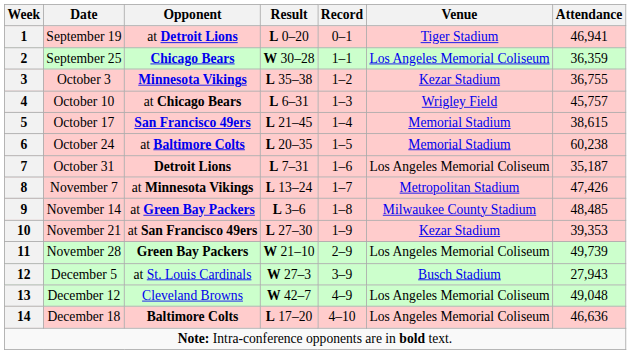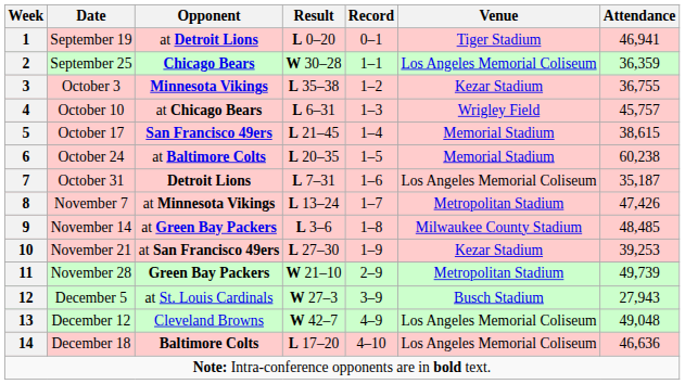 <table class="wikitable" style="text-align:center">
 <tr>
 <th>Week</th>
 <th>Date</th>
 <th>Opponent</th>
 <th>Result</th>
 <th>Record</th>
 <th>Venue</th>
 <th>Attendance</th>
 </tr>
 <tr style="background:#fcc">
 <th>1</th>
 <td>September 19</td>
 <td>at <strong><a href='#'>Detroit Lions</a></strong></td>
 <td><strong>L</strong> 0–20</td>
 <td>0–1</td>
 <td><a href='#'>Tiger Stadium</a></td>
 <td>46,941</td>
 </tr>
 <tr style="background:#cfc">
 <th>2</th>
 <td>September 25</td>
 <td><strong><a href='#'>Chicago Bears</a></strong></td>
 <td><strong>W</strong> 30–28</td>
 <td>1–1</td>
 <td><a href='#'>Los Angeles Memorial Coliseum</a></td>
 <td>36,359</td>
 </tr>
 <tr style="background:#fcc">
 <th>3</th>
 <td>October 3</td>
 <td><strong><a href='#'>Minnesota Vikings</a></strong></td>
 <td><strong>L</strong> 35–38</td>
 <td>1–2</td>
 <td><a href='#'>Kezar Stadium</a></td>
 <td>36,755</td>
 </tr>
 <tr style="background:#fcc">
 <th>4</th>
 <td>October 10</td>
 <td>at <strong>Chicago Bears</strong></td>
 <td><strong>L</strong> 6–31</td>
 <td>1–3</td>
 <td><a href='#'>Wrigley Field</a></td>
 <td>45,757</td>
 </tr>
 <tr style="background:#fcc">
 <th>5</th>
 <td>October 17</td>
 <td><strong><a href='#'>San Francisco 49ers</a></strong></td>
 <td><strong>L</strong> 21–45</td>
 <td>1–4</td>
 <td><a href='#'>Memorial Stadium</a></td>
 <td>38,615</td>
 </tr>
 <tr style="background:#fcc">
 <th>6</th>
 <td>October 24</td>
 <td>at <strong><a href='#'>Baltimore Colts</a></strong></td>
 <td><strong>L</strong> 20–35</td>
 <td>1–5</td>
 <td><a href='#'>Memorial Stadium</a></td>
 <td>60,238</td>
 </tr>
 <tr style="background:#fcc">
 <th>7</th>
 <td>October 31</td>
 <td><strong>Detroit Lions</strong></td>
 <td><strong>L</strong> 7–31</td>
 <td>1–6</td>
 <td>Los Angeles Memorial Coliseum</td>
 <td>35,187</td>
 </tr>
 <tr style="background:#fcc">
 <th>8</th>
 <td>November 7</td>
 <td>at <strong>Minnesota Vikings</strong></td>
 <td><strong>L</strong> 13–24</td>
 <td>1–7</td>
 <td><a href='#'>Metropolitan Stadium</a></td>
 <td>47,426</td>
 </tr>
 <tr style="background:#fcc">
 <th>9</th>
 <td>November 14</td>
 <td>at <strong><a href='#'>Green Bay Packers</a></strong></td>
 <td><strong>L</strong> 3–6</td>
 <td>1–8</td>
 <td><a href='#'>Milwaukee County Stadium</a></td>
 <td>48,485</td>
 </tr>
 <tr style="background:#fcc">
 <th>10</th>
 <td>November 21</td>
 <td>at <strong>San Francisco 49ers</strong></td>
 <td><strong>L</strong> 27–30</td>
 <td>1–9</td>
 <td><a href='#'>Kezar Stadium</a></td>
-<td>39,353</td>
+<td>39,253</td>
 </tr>
 <tr style="background:#cfc">
 <th>11</th>
 <td>November 28</td>
 <td><strong>Green Bay Packers</strong></td>
 <td><strong>W</strong> 21–10</td>
 <td>2–9</td>
-<td>Los Angeles Memorial Coliseum</td>
+<td><a href='#'>Metropolitan Stadium</a></td>
 <td>49,739</td>
 </tr>
 <tr style="background:#cfc">
 <th>12</th>
 <td>December 5</td>
 <td>at <a href='#'>St. Louis Cardinals</a></td>
 <td><strong>W</strong> 27–3</td>
 <td>3–9</td>
 <td><a href='#'>Busch Stadium</a></td>
 <td>27,943</td>
 </tr>
 <tr style="background:#cfc">
 <th>13</th>
 <td>December 12</td>
 <td><a href='#'>Cleveland Browns</a></td>
 <td><strong>W</strong> 42–7</td>
 <td>4–9</td>
 <td>Los Angeles Memorial Coliseum</td>
 <td>49,048</td>
 </tr>
 <tr style="background:#fcc">
 <th>14</th>
 <td>December 18</td>
 <td><strong>Baltimore Colts</strong></td>
 <td><strong>L</strong> 17–20</td>
 <td>4–10</td>
 <td>Los Angeles Memorial Coliseum</td>
 <td>46,636</td>
 </tr>
 <tr>
 <td colspan="8"><strong>Note:</strong> Intra-conference opponents are in <strong>bold</strong> text.</td>
 </tr>
 </table>
